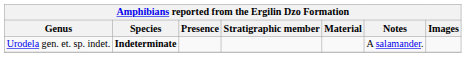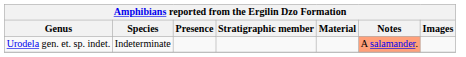 <table class="wikitable" align="center">
 <tr>
 <th colspan="7" align="center"><strong><a href='#'>Amphibians</a> reported from the Ergilin Dzo Formation</strong></th>
 </tr>
 <tr>
 <th>Genus</th>
 <th>Species</th>
 <th>Presence</th>
 <th><strong>Stratigraphic member</strong></th>
 <th><strong>Material</strong></th>
 <th>Notes</th>
 <th>Images</th>
 </tr>
 <tr>
 <td><a href='#'>Urodela</a> gen. et. sp. indet.</td>
-<td><strong>Indeterminate</strong></td>
+<td>Indeterminate</td>
 <td></td>
 <td></td>
 <td></td>
-<td>A <a href='#'>salamander</a>.</td>
+<td style="background: lightsalmon;">A <a href='#'>salamander</a>.</td>
 <td></td>
 </tr>
 <tr>
 </tr>
 </table>
